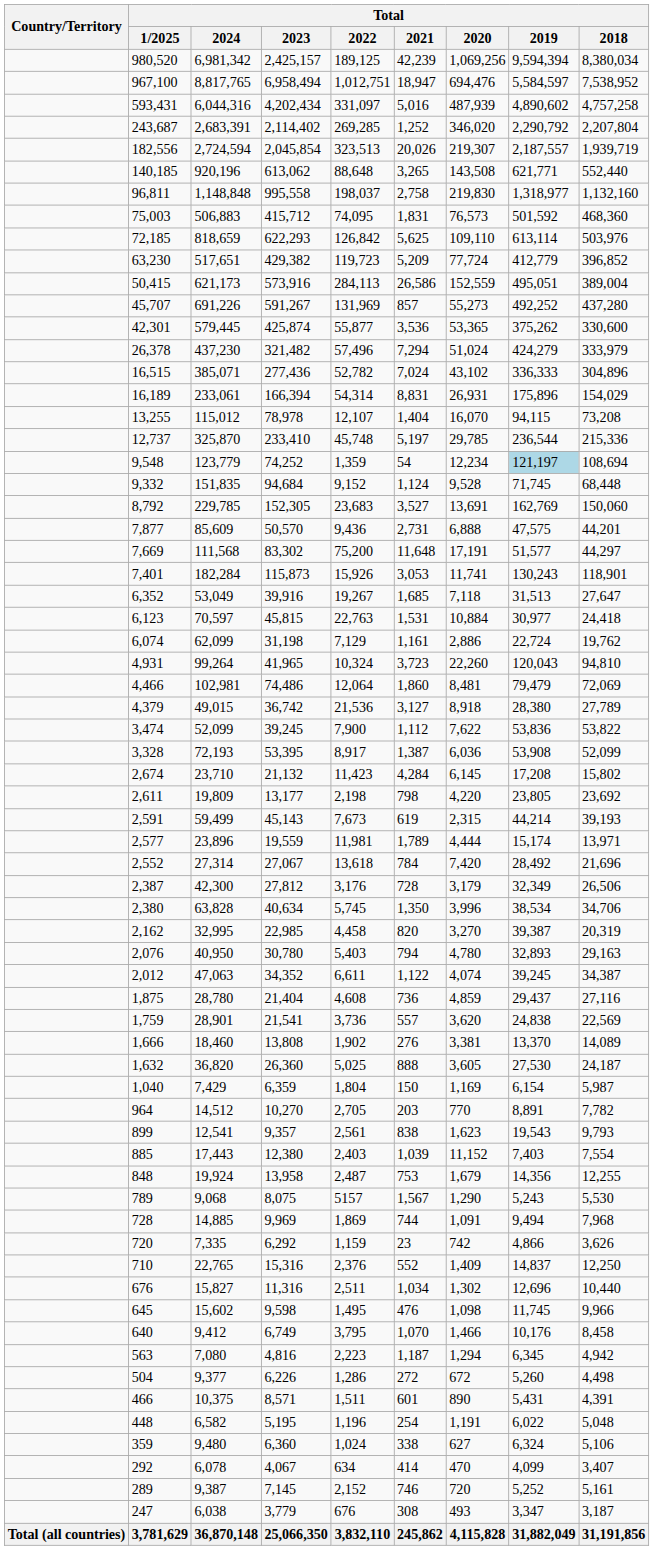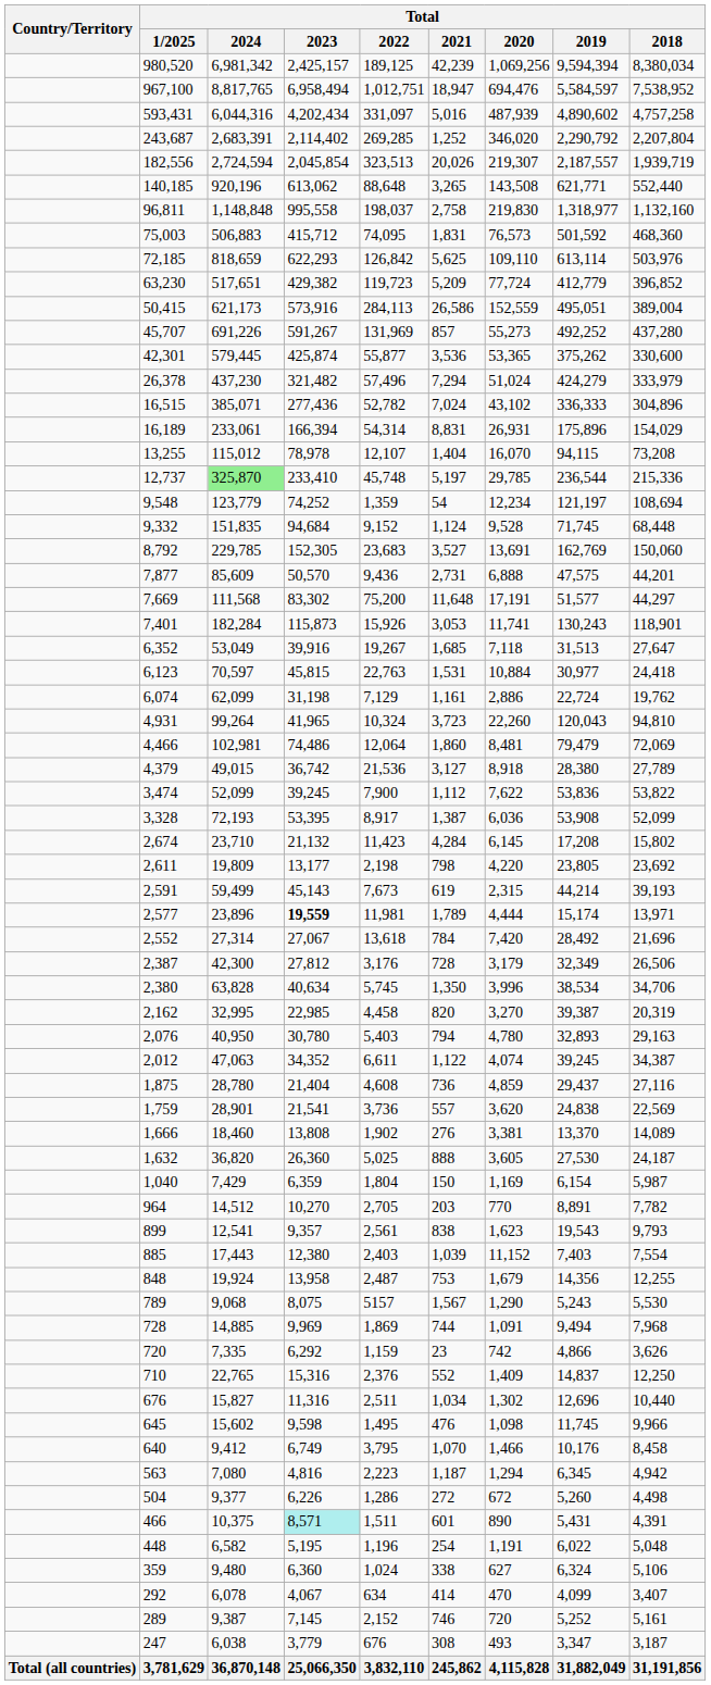 <table Class= "wikitable sortable">
 <tr>
 <th rowspan="2">Country/Territory</th>
 <th colspan="8">Total</th>
 </tr>
 <tr>
 <th>1/2025</th>
 <th>2024</th>
 <th>2023</th>
 <th>2022</th>
 <th>2021</th>
 <th>2020</th>
 <th>2019</th>
 <th>2018</th>
 </tr>
 <tr>
 <td></td>
 <td>980,520</td>
 <td>6,981,342</td>
 <td>2,425,157</td>
 <td>189,125</td>
 <td>42,239</td>
 <td>1,069,256</td>
 <td>9,594,394</td>
 <td>8,380,034</td>
 </tr>
 <tr>
 <td></td>
 <td>967,100</td>
 <td>8,817,765</td>
 <td>6,958,494</td>
 <td>1,012,751</td>
 <td>18,947</td>
 <td>694,476</td>
 <td>5,584,597</td>
 <td>7,538,952</td>
 </tr>
 <tr>
 <td></td>
 <td>593,431</td>
 <td>6,044,316</td>
 <td>4,202,434</td>
 <td>331,097</td>
 <td>5,016</td>
 <td>487,939</td>
 <td>4,890,602</td>
 <td>4,757,258</td>
 </tr>
 <tr>
 <td></td>
 <td>243,687</td>
 <td>2,683,391</td>
 <td>2,114,402</td>
 <td>269,285</td>
 <td>1,252</td>
 <td>346,020</td>
 <td>2,290,792</td>
 <td>2,207,804</td>
 </tr>
 <tr>
 <td></td>
 <td>182,556</td>
 <td>2,724,594</td>
 <td>2,045,854</td>
 <td>323,513</td>
 <td>20,026</td>
 <td>219,307</td>
 <td>2,187,557</td>
 <td>1,939,719</td>
 </tr>
 <tr>
 <td></td>
 <td>140,185</td>
 <td>920,196</td>
 <td>613,062</td>
 <td>88,648</td>
 <td>3,265</td>
 <td>143,508</td>
 <td>621,771</td>
 <td>552,440</td>
 </tr>
 <tr>
 <td></td>
 <td>96,811</td>
 <td>1,148,848</td>
 <td>995,558</td>
 <td>198,037</td>
 <td>2,758</td>
 <td>219,830</td>
 <td>1,318,977</td>
 <td>1,132,160</td>
 </tr>
 <tr>
 <td></td>
 <td>75,003</td>
 <td>506,883</td>
 <td>415,712</td>
 <td>74,095</td>
 <td>1,831</td>
 <td>76,573</td>
 <td>501,592</td>
 <td>468,360</td>
 </tr>
 <tr>
 <td></td>
 <td>72,185</td>
 <td>818,659</td>
 <td>622,293</td>
 <td>126,842</td>
 <td>5,625</td>
 <td>109,110</td>
 <td>613,114</td>
 <td>503,976</td>
 </tr>
 <tr>
 <td></td>
 <td>63,230</td>
 <td>517,651</td>
 <td>429,382</td>
 <td>119,723</td>
 <td>5,209</td>
 <td>77,724</td>
 <td>412,779</td>
 <td>396,852</td>
 </tr>
 <tr>
 <td></td>
 <td>50,415</td>
 <td>621,173</td>
 <td>573,916</td>
 <td>284,113</td>
 <td>26,586</td>
 <td>152,559</td>
 <td>495,051</td>
 <td>389,004</td>
 </tr>
 <tr>
 <td></td>
 <td>45,707</td>
 <td>691,226</td>
 <td>591,267</td>
 <td>131,969</td>
 <td>857</td>
 <td>55,273</td>
 <td>492,252</td>
 <td>437,280</td>
 </tr>
 <tr>
 <td></td>
 <td>42,301</td>
 <td>579,445</td>
 <td>425,874</td>
 <td>55,877</td>
 <td>3,536</td>
 <td>53,365</td>
 <td>375,262</td>
 <td>330,600</td>
 </tr>
 <tr>
 <td></td>
 <td>26,378</td>
 <td>437,230</td>
 <td>321,482</td>
 <td>57,496</td>
 <td>7,294</td>
 <td>51,024</td>
 <td>424,279</td>
 <td>333,979</td>
 </tr>
 <tr>
 <td></td>
 <td>16,515</td>
 <td>385,071</td>
 <td>277,436</td>
 <td>52,782</td>
 <td>7,024</td>
 <td>43,102</td>
 <td>336,333</td>
 <td>304,896</td>
 </tr>
 <tr>
 <td></td>
 <td>16,189</td>
 <td>233,061</td>
 <td>166,394</td>
 <td>54,314</td>
 <td>8,831</td>
 <td>26,931</td>
 <td>175,896</td>
 <td>154,029</td>
 </tr>
 <tr>
 <td></td>
 <td>13,255</td>
 <td>115,012</td>
 <td>78,978</td>
 <td>12,107</td>
 <td>1,404</td>
 <td>16,070</td>
 <td>94,115</td>
 <td>73,208</td>
 </tr>
 <tr>
 <td></td>
 <td>12,737</td>
-<td>325,870</td>
+<td style="background: lightgreen;">325,870</td>
 <td>233,410</td>
 <td>45,748</td>
 <td>5,197</td>
 <td>29,785</td>
 <td>236,544</td>
 <td>215,336</td>
 </tr>
 <tr>
 <td></td>
 <td>9,548</td>
 <td>123,779</td>
 <td>74,252</td>
 <td>1,359</td>
 <td>54</td>
 <td>12,234</td>
-<td style="background: lightblue;">121,197</td>
+<td>121,197</td>
 <td>108,694</td>
 </tr>
 <tr>
 <td></td>
 <td>9,332</td>
 <td>151,835</td>
 <td>94,684</td>
 <td>9,152</td>
 <td>1,124</td>
 <td>9,528</td>
 <td>71,745</td>
 <td>68,448</td>
 </tr>
 <tr>
 <td></td>
 <td>8,792</td>
 <td>229,785</td>
 <td>152,305</td>
 <td>23,683</td>
 <td>3,527</td>
 <td>13,691</td>
 <td>162,769</td>
 <td>150,060</td>
 </tr>
 <tr>
 <td></td>
 <td>7,877</td>
 <td>85,609</td>
 <td>50,570</td>
 <td>9,436</td>
 <td>2,731</td>
 <td>6,888</td>
 <td>47,575</td>
 <td>44,201</td>
 </tr>
 <tr>
 <td></td>
 <td>7,669</td>
 <td>111,568</td>
 <td>83,302</td>
 <td>75,200</td>
 <td>11,648</td>
 <td>17,191</td>
 <td>51,577</td>
 <td>44,297</td>
 </tr>
 <tr>
 <td></td>
 <td>7,401</td>
 <td>182,284</td>
 <td>115,873</td>
 <td>15,926</td>
 <td>3,053</td>
 <td>11,741</td>
 <td>130,243</td>
 <td>118,901</td>
 </tr>
 <tr>
 <td></td>
 <td>6,352</td>
 <td>53,049</td>
 <td>39,916</td>
 <td>19,267</td>
 <td>1,685</td>
 <td>7,118</td>
 <td>31,513</td>
 <td>27,647</td>
 </tr>
 <tr>
 <td></td>
 <td>6,123</td>
 <td>70,597</td>
 <td>45,815</td>
 <td>22,763</td>
 <td>1,531</td>
 <td>10,884</td>
 <td>30,977</td>
 <td>24,418</td>
 </tr>
 <tr>
 <td></td>
 <td>6,074</td>
 <td>62,099</td>
 <td>31,198</td>
 <td>7,129</td>
 <td>1,161</td>
 <td>2,886</td>
 <td>22,724</td>
 <td>19,762</td>
 </tr>
 <tr>
 <td></td>
 <td>4,931</td>
 <td>99,264</td>
 <td>41,965</td>
 <td>10,324</td>
 <td>3,723</td>
 <td>22,260</td>
 <td>120,043</td>
 <td>94,810</td>
 </tr>
 <tr>
 <td></td>
 <td>4,466</td>
 <td>102,981</td>
 <td>74,486</td>
 <td>12,064</td>
 <td>1,860</td>
 <td>8,481</td>
 <td>79,479</td>
 <td>72,069</td>
 </tr>
 <tr>
 <td></td>
 <td>4,379</td>
 <td>49,015</td>
 <td>36,742</td>
 <td>21,536</td>
 <td>3,127</td>
 <td>8,918</td>
 <td>28,380</td>
 <td>27,789</td>
 </tr>
 <tr>
 <td></td>
 <td>3,474</td>
 <td>52,099</td>
 <td>39,245</td>
 <td>7,900</td>
 <td>1,112</td>
 <td>7,622</td>
 <td>53,836</td>
 <td>53,822</td>
 </tr>
 <tr>
 <td></td>
 <td>3,328</td>
 <td>72,193</td>
 <td>53,395</td>
 <td>8,917</td>
 <td>1,387</td>
 <td>6,036</td>
 <td>53,908</td>
 <td>52,099</td>
 </tr>
 <tr>
 <td></td>
 <td>2,674</td>
 <td>23,710</td>
 <td>21,132</td>
 <td>11,423</td>
 <td>4,284</td>
 <td>6,145</td>
 <td>17,208</td>
 <td>15,802</td>
 </tr>
 <tr>
 <td></td>
 <td>2,611</td>
 <td>19,809</td>
 <td>13,177</td>
 <td>2,198</td>
 <td>798</td>
 <td>4,220</td>
 <td>23,805</td>
 <td>23,692</td>
 </tr>
 <tr>
 <td></td>
 <td>2,591</td>
 <td>59,499</td>
 <td>45,143</td>
 <td>7,673</td>
 <td>619</td>
 <td>2,315</td>
 <td>44,214</td>
 <td>39,193</td>
 </tr>
 <tr>
 <td></td>
 <td>2,577</td>
 <td>23,896</td>
-<td>19,559</td>
+<td><strong>19,559</strong></td>
 <td>11,981</td>
 <td>1,789</td>
 <td>4,444</td>
 <td>15,174</td>
 <td>13,971</td>
 </tr>
 <tr>
 <td></td>
 <td>2,552</td>
 <td>27,314</td>
 <td>27,067</td>
 <td>13,618</td>
 <td>784</td>
 <td>7,420</td>
 <td>28,492</td>
 <td>21,696</td>
 </tr>
 <tr>
 <td></td>
 <td>2,387</td>
 <td>42,300</td>
 <td>27,812</td>
 <td>3,176</td>
 <td>728</td>
 <td>3,179</td>
 <td>32,349</td>
 <td>26,506</td>
 </tr>
 <tr>
 <td></td>
 <td>2,380</td>
 <td>63,828</td>
 <td>40,634</td>
 <td>5,745</td>
 <td>1,350</td>
 <td>3,996</td>
 <td>38,534</td>
 <td>34,706</td>
 </tr>
 <tr>
 <td></td>
 <td>2,162</td>
 <td>32,995</td>
 <td>22,985</td>
 <td>4,458</td>
 <td>820</td>
 <td>3,270</td>
 <td>39,387</td>
 <td>20,319</td>
 </tr>
 <tr>
 <td></td>
 <td>2,076</td>
 <td>40,950</td>
 <td>30,780</td>
 <td>5,403</td>
 <td>794</td>
 <td>4,780</td>
 <td>32,893</td>
 <td>29,163</td>
 </tr>
 <tr>
 <td></td>
 <td>2,012</td>
 <td>47,063</td>
 <td>34,352</td>
 <td>6,611</td>
 <td>1,122</td>
 <td>4,074</td>
 <td>39,245</td>
 <td>34,387</td>
 </tr>
 <tr>
 <td></td>
 <td>1,875</td>
 <td>28,780</td>
 <td>21,404</td>
 <td>4,608</td>
 <td>736</td>
 <td>4,859</td>
 <td>29,437</td>
 <td>27,116</td>
 </tr>
 <tr>
 <td></td>
 <td>1,759</td>
 <td>28,901</td>
 <td>21,541</td>
 <td>3,736</td>
 <td>557</td>
 <td>3,620</td>
 <td>24,838</td>
 <td>22,569</td>
 </tr>
 <tr>
 <td></td>
 <td>1,666</td>
 <td>18,460</td>
 <td>13,808</td>
 <td>1,902</td>
 <td>276</td>
 <td>3,381</td>
 <td>13,370</td>
 <td>14,089</td>
 </tr>
 <tr>
 <td></td>
 <td>1,632</td>
 <td>36,820</td>
 <td>26,360</td>
 <td>5,025</td>
 <td>888</td>
 <td>3,605</td>
 <td>27,530</td>
 <td>24,187</td>
 </tr>
 <tr>
 <td></td>
 <td>1,040</td>
 <td>7,429</td>
 <td>6,359</td>
 <td>1,804</td>
 <td>150</td>
 <td>1,169</td>
 <td>6,154</td>
 <td>5,987</td>
 </tr>
 <tr>
 <td></td>
 <td>964</td>
 <td>14,512</td>
 <td>10,270</td>
 <td>2,705</td>
 <td>203</td>
 <td>770</td>
 <td>8,891</td>
 <td>7,782</td>
 </tr>
 <tr>
 <td></td>
 <td>899</td>
 <td>12,541</td>
 <td>9,357</td>
 <td>2,561</td>
 <td>838</td>
 <td>1,623</td>
 <td>19,543</td>
 <td>9,793</td>
 </tr>
 <tr>
 <td></td>
 <td>885</td>
 <td>17,443</td>
 <td>12,380</td>
 <td>2,403</td>
 <td>1,039</td>
 <td>11,152</td>
 <td>7,403</td>
 <td>7,554</td>
 </tr>
 <tr>
 <td></td>
 <td>848</td>
 <td>19,924</td>
 <td>13,958</td>
 <td>2,487</td>
 <td>753</td>
 <td>1,679</td>
 <td>14,356</td>
 <td>12,255</td>
 </tr>
 <tr>
 <td></td>
 <td>789</td>
 <td>9,068</td>
 <td>8,075</td>
 <td>5157</td>
 <td>1,567</td>
 <td>1,290</td>
 <td>5,243</td>
 <td>5,530</td>
 </tr>
 <tr>
 <td></td>
 <td>728</td>
 <td>14,885</td>
 <td>9,969</td>
 <td>1,869</td>
 <td>744</td>
 <td>1,091</td>
 <td>9,494</td>
 <td>7,968</td>
 </tr>
 <tr>
 <td></td>
 <td>720</td>
 <td>7,335</td>
 <td>6,292</td>
 <td>1,159</td>
 <td>23</td>
 <td>742</td>
 <td>4,866</td>
 <td>3,626</td>
 </tr>
 <tr>
 <td></td>
 <td>710</td>
 <td>22,765</td>
 <td>15,316</td>
 <td>2,376</td>
 <td>552</td>
 <td>1,409</td>
 <td>14,837</td>
 <td>12,250</td>
 </tr>
 <tr>
 <td></td>
 <td>676</td>
 <td>15,827</td>
 <td>11,316</td>
 <td>2,511</td>
 <td>1,034</td>
 <td>1,302</td>
 <td>12,696</td>
 <td>10,440</td>
 </tr>
 <tr>
 <td></td>
 <td>645</td>
 <td>15,602</td>
 <td>9,598</td>
 <td>1,495</td>
 <td>476</td>
 <td>1,098</td>
 <td>11,745</td>
 <td>9,966</td>
 </tr>
 <tr>
 <td></td>
 <td>640</td>
 <td>9,412</td>
 <td>6,749</td>
 <td>3,795</td>
 <td>1,070</td>
 <td>1,466</td>
 <td>10,176</td>
 <td>8,458</td>
 </tr>
 <tr>
 <td></td>
 <td>563</td>
 <td>7,080</td>
 <td>4,816</td>
 <td>2,223</td>
 <td>1,187</td>
 <td>1,294</td>
 <td>6,345</td>
 <td>4,942</td>
 </tr>
 <tr>
 <td></td>
 <td>504</td>
 <td>9,377</td>
 <td>6,226</td>
 <td>1,286</td>
 <td>272</td>
 <td>672</td>
 <td>5,260</td>
 <td>4,498</td>
 </tr>
 <tr>
 <td></td>
 <td>466</td>
 <td>10,375</td>
-<td>8,571</td>
+<td style="background: paleturquoise;">8,571</td>
 <td>1,511</td>
 <td>601</td>
 <td>890</td>
 <td>5,431</td>
 <td>4,391</td>
 </tr>
 <tr>
 <td></td>
 <td>448</td>
 <td>6,582</td>
 <td>5,195</td>
 <td>1,196</td>
 <td>254</td>
 <td>1,191</td>
 <td>6,022</td>
 <td>5,048</td>
 </tr>
 <tr>
 <td></td>
 <td>359</td>
 <td>9,480</td>
 <td>6,360</td>
 <td>1,024</td>
 <td>338</td>
 <td>627</td>
 <td>6,324</td>
 <td>5,106</td>
 </tr>
 <tr>
 <td></td>
 <td>292</td>
 <td>6,078</td>
 <td>4,067</td>
 <td>634</td>
 <td>414</td>
 <td>470</td>
 <td>4,099</td>
 <td>3,407</td>
 </tr>
 <tr>
 <td></td>
 <td>289</td>
 <td>9,387</td>
 <td>7,145</td>
 <td>2,152</td>
 <td>746</td>
 <td>720</td>
 <td>5,252</td>
 <td>5,161</td>
 </tr>
 <tr>
 <td></td>
 <td>247</td>
 <td>6,038</td>
 <td>3,779</td>
 <td>676</td>
 <td>308</td>
 <td>493</td>
 <td>3,347</td>
 <td>3,187</td>
 </tr>
 <tr>
 <th>Total (all countries)</th>
 <th>3,781,629</th>
 <th>36,870,148</th>
 <th>25,066,350</th>
 <th>3,832,110</th>
 <th>245,862</th>
 <th>4,115,828</th>
 <th>31,882,049</th>
 <th>31,191,856</th>
 </tr>
 </table>
